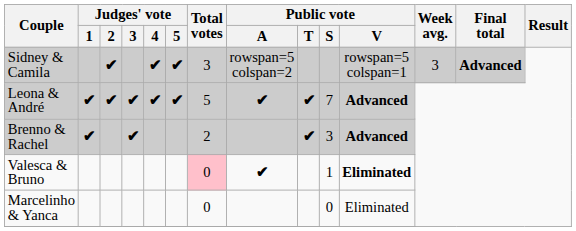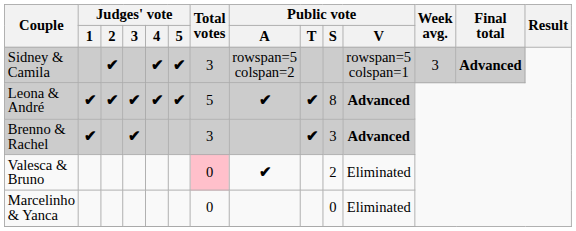 <table class="wikitable" style="font-size:100%; line-height:16px; text-align:center" width="100%">
 <tr>
 <th rowspan=2 style="width:11.0%;">Couple</th>
 <th colspan=5 style="width:25.0%;">Judges' vote</th>
 <th rowspan=2 style="width:05.0%;">Total votes</th>
 <th colspan=4 style="width:20.0%;">Public vote</th>
 <th rowspan=2 style="width:05.0%;">Week avg.</th>
 <th rowspan=2 style="width:05.0%;">Final total</th>
 <th rowspan=2 style="width:07.5%;">Result</th>
 </tr>
 <tr>
 <th style="width:05.0%;">1</th>
 <th style="width:05.0%;">2</th>
 <th style="width:05.0%;">3</th>
 <th style="width:05.0%;">4</th>
 <th style="width:05.0%;">5</th>
 <th style="width:05.0%;">A</th>
 <th style="width:05.0%;">T</th>
 <th style="width:05.0%;">S</th>
 <th style="width:05.0%;">V</th>
 </tr>
 <tr bgcolor="CCCCCC">
 <td align="left">Sidney & Camila</td>
 <td></td>
 <td><strong>✔</strong></td>
 <td></td>
 <td><strong>✔</strong></td>
 <td><strong>✔</strong></td>
 <td>3</td>
 <td>rowspan=5 colspan=2 </td>
 <td></td>
 <td></td>
 <td>rowspan=5 colspan=1 </td>
 <td>3</td>
 <td><strong>Advanced</strong></td>
 </tr>
 <tr bgcolor="CCCCCC">
 <td align="left">Leona & André</td>
 <td><strong>✔</strong></td>
 <td><strong>✔</strong></td>
 <td><strong>✔</strong></td>
 <td><strong>✔</strong></td>
 <td><strong>✔</strong></td>
 <td>5</td>
 <td><strong>✔</strong></td>
 <td><strong>✔</strong></td>
-<td>7</td>
+<td>8</td>
 <td><strong>Advanced</strong></td>
 </tr>
 <tr bgcolor="CCCCCC">
 <td align="left">Brenno & Rachel</td>
 <td><strong>✔</strong></td>
 <td></td>
 <td><strong>✔</strong></td>
 <td></td>
 <td></td>
-<td>2</td>
+<td>3</td>
 <td></td>
 <td><strong>✔</strong></td>
 <td>3</td>
 <td><strong>Advanced</strong></td>
 </tr>
 <tr>
 <td align="left">Valesca & Bruno</td>
 <td></td>
 <td></td>
 <td></td>
 <td></td>
 <td></td>
 <td style="background: pink;">0</td>
 <td><strong>✔</strong></td>
 <td></td>
-<td>1</td>
-<td><strong>Eliminated</strong></td>
+<td>2</td>
+<td>Eliminated</td>
 </tr>
 <tr>
 <td align="left">Marcelinho & Yanca</td>
 <td></td>
 <td></td>
 <td></td>
 <td></td>
 <td></td>
 <td>0</td>
 <td></td>
 <td></td>
 <td>0</td>
 <td>Eliminated</td>
 </tr>
 <tr>
 </tr>
 </table>
